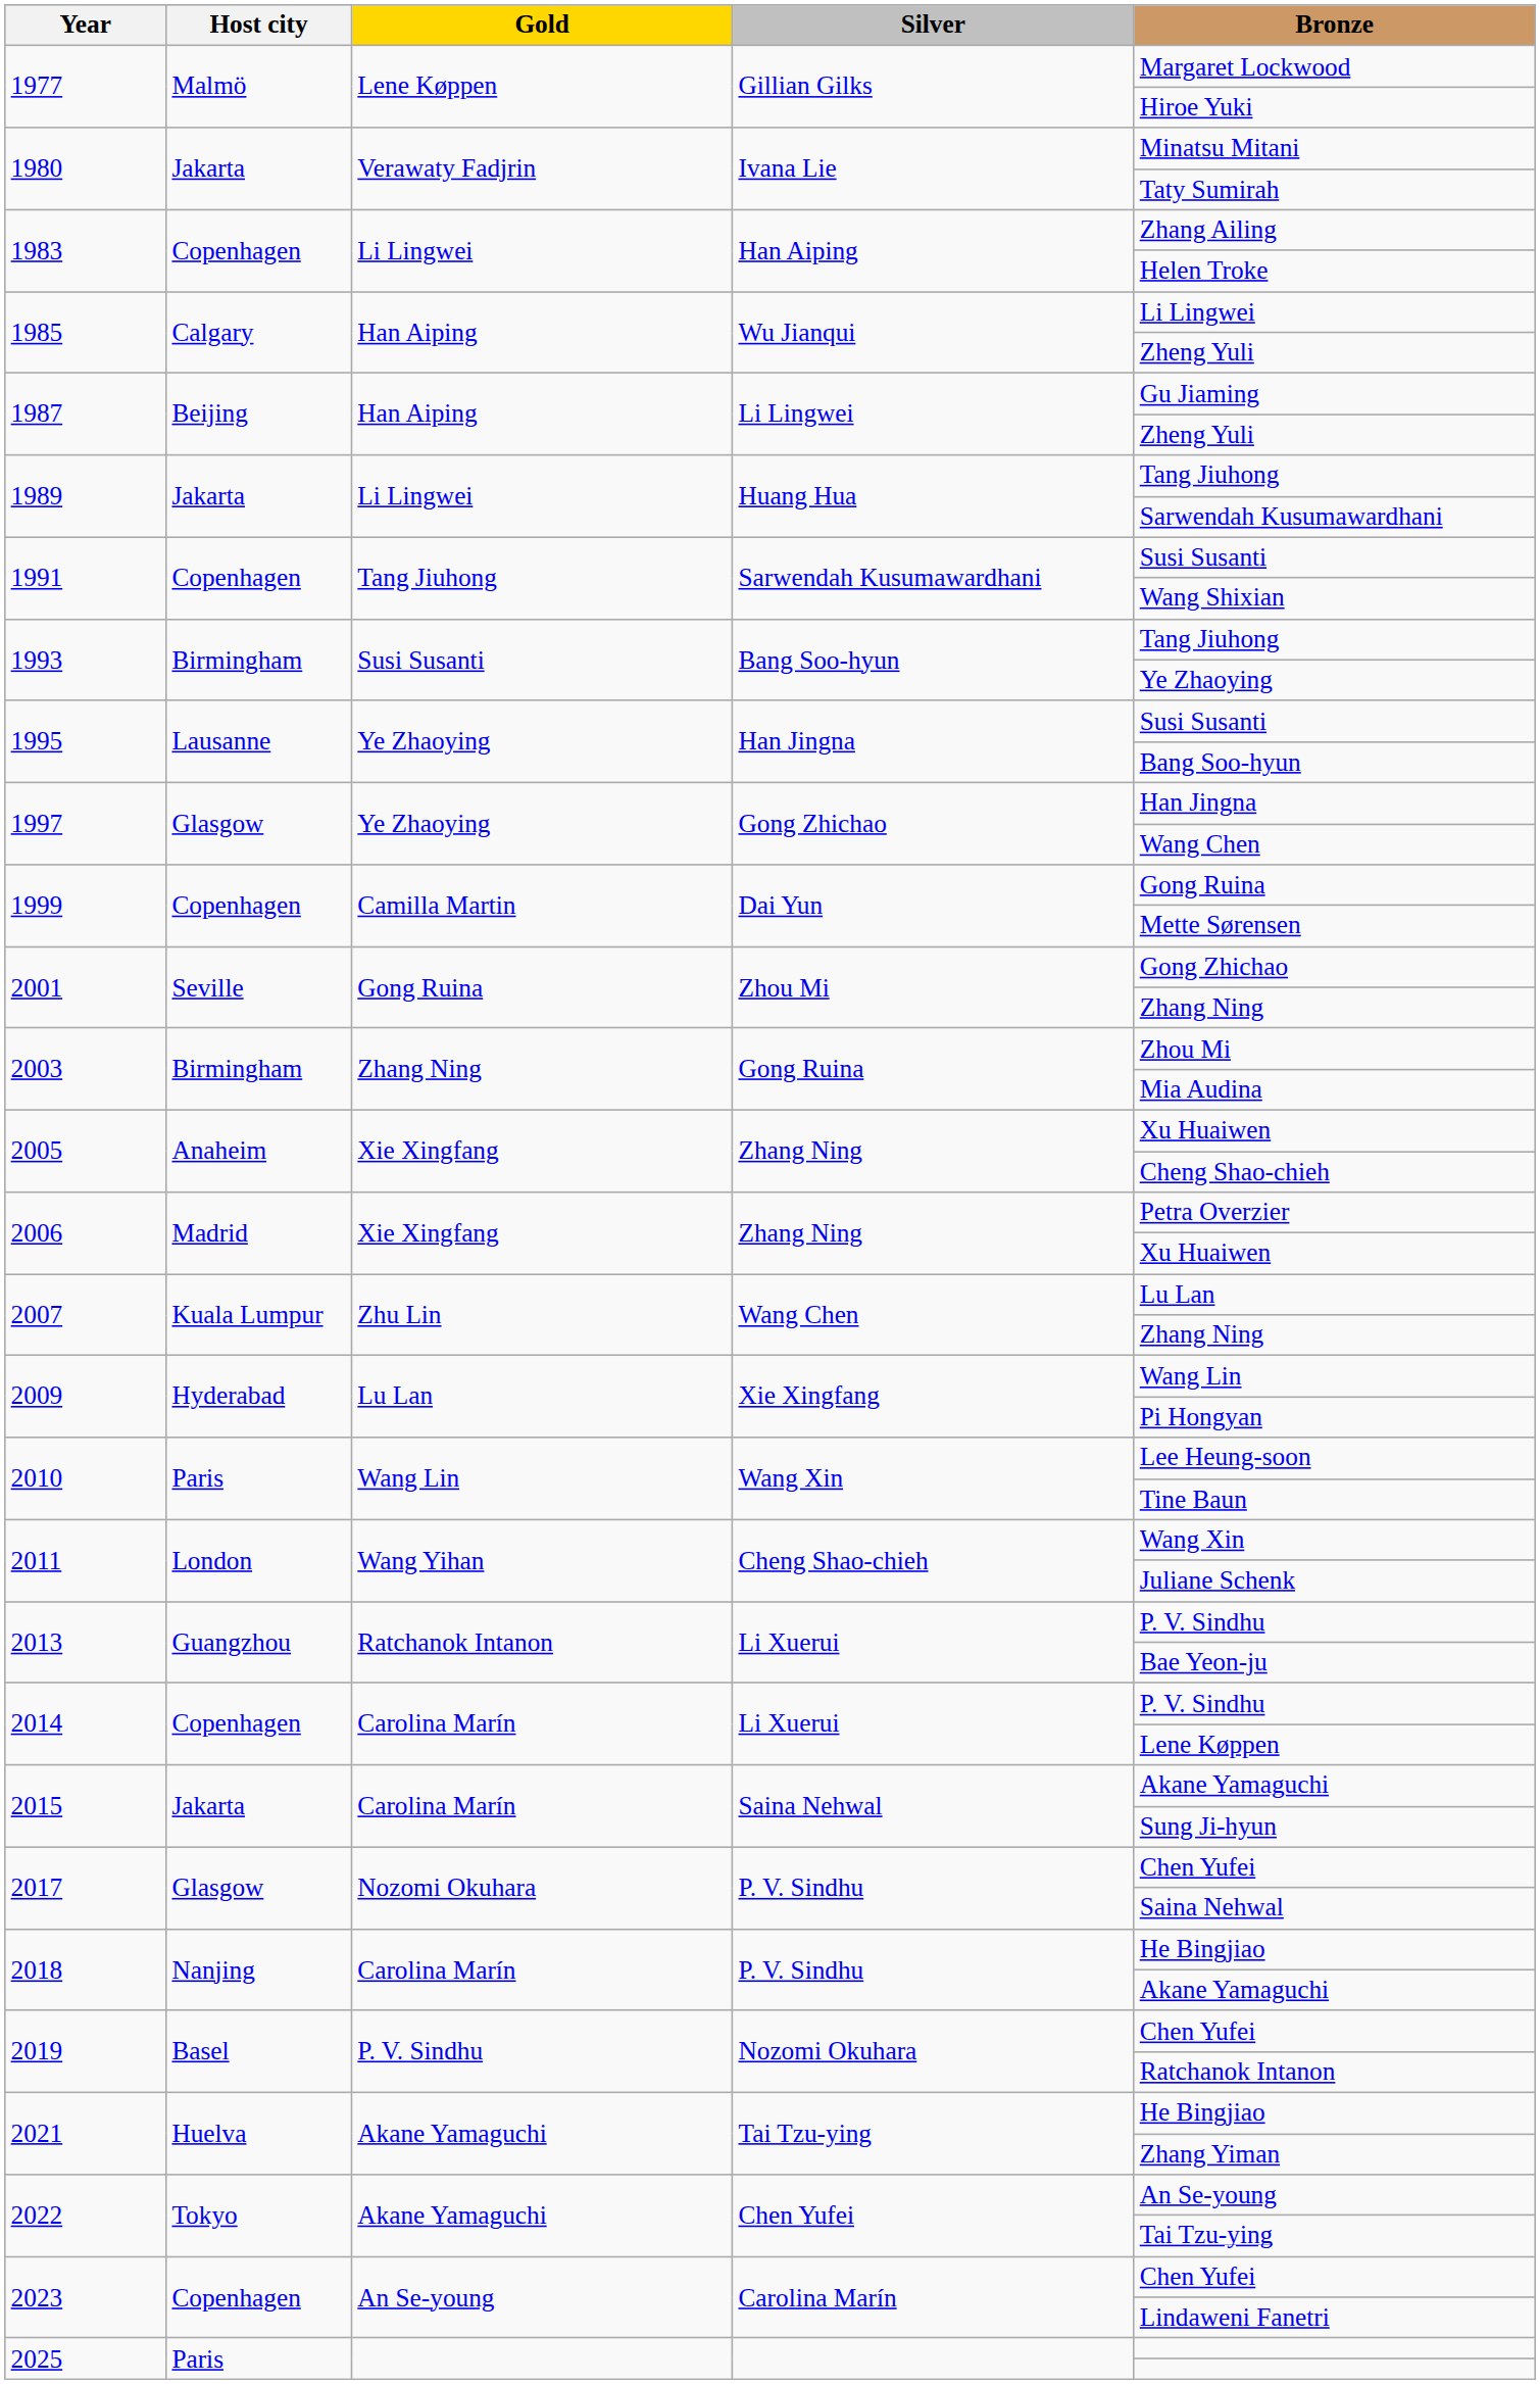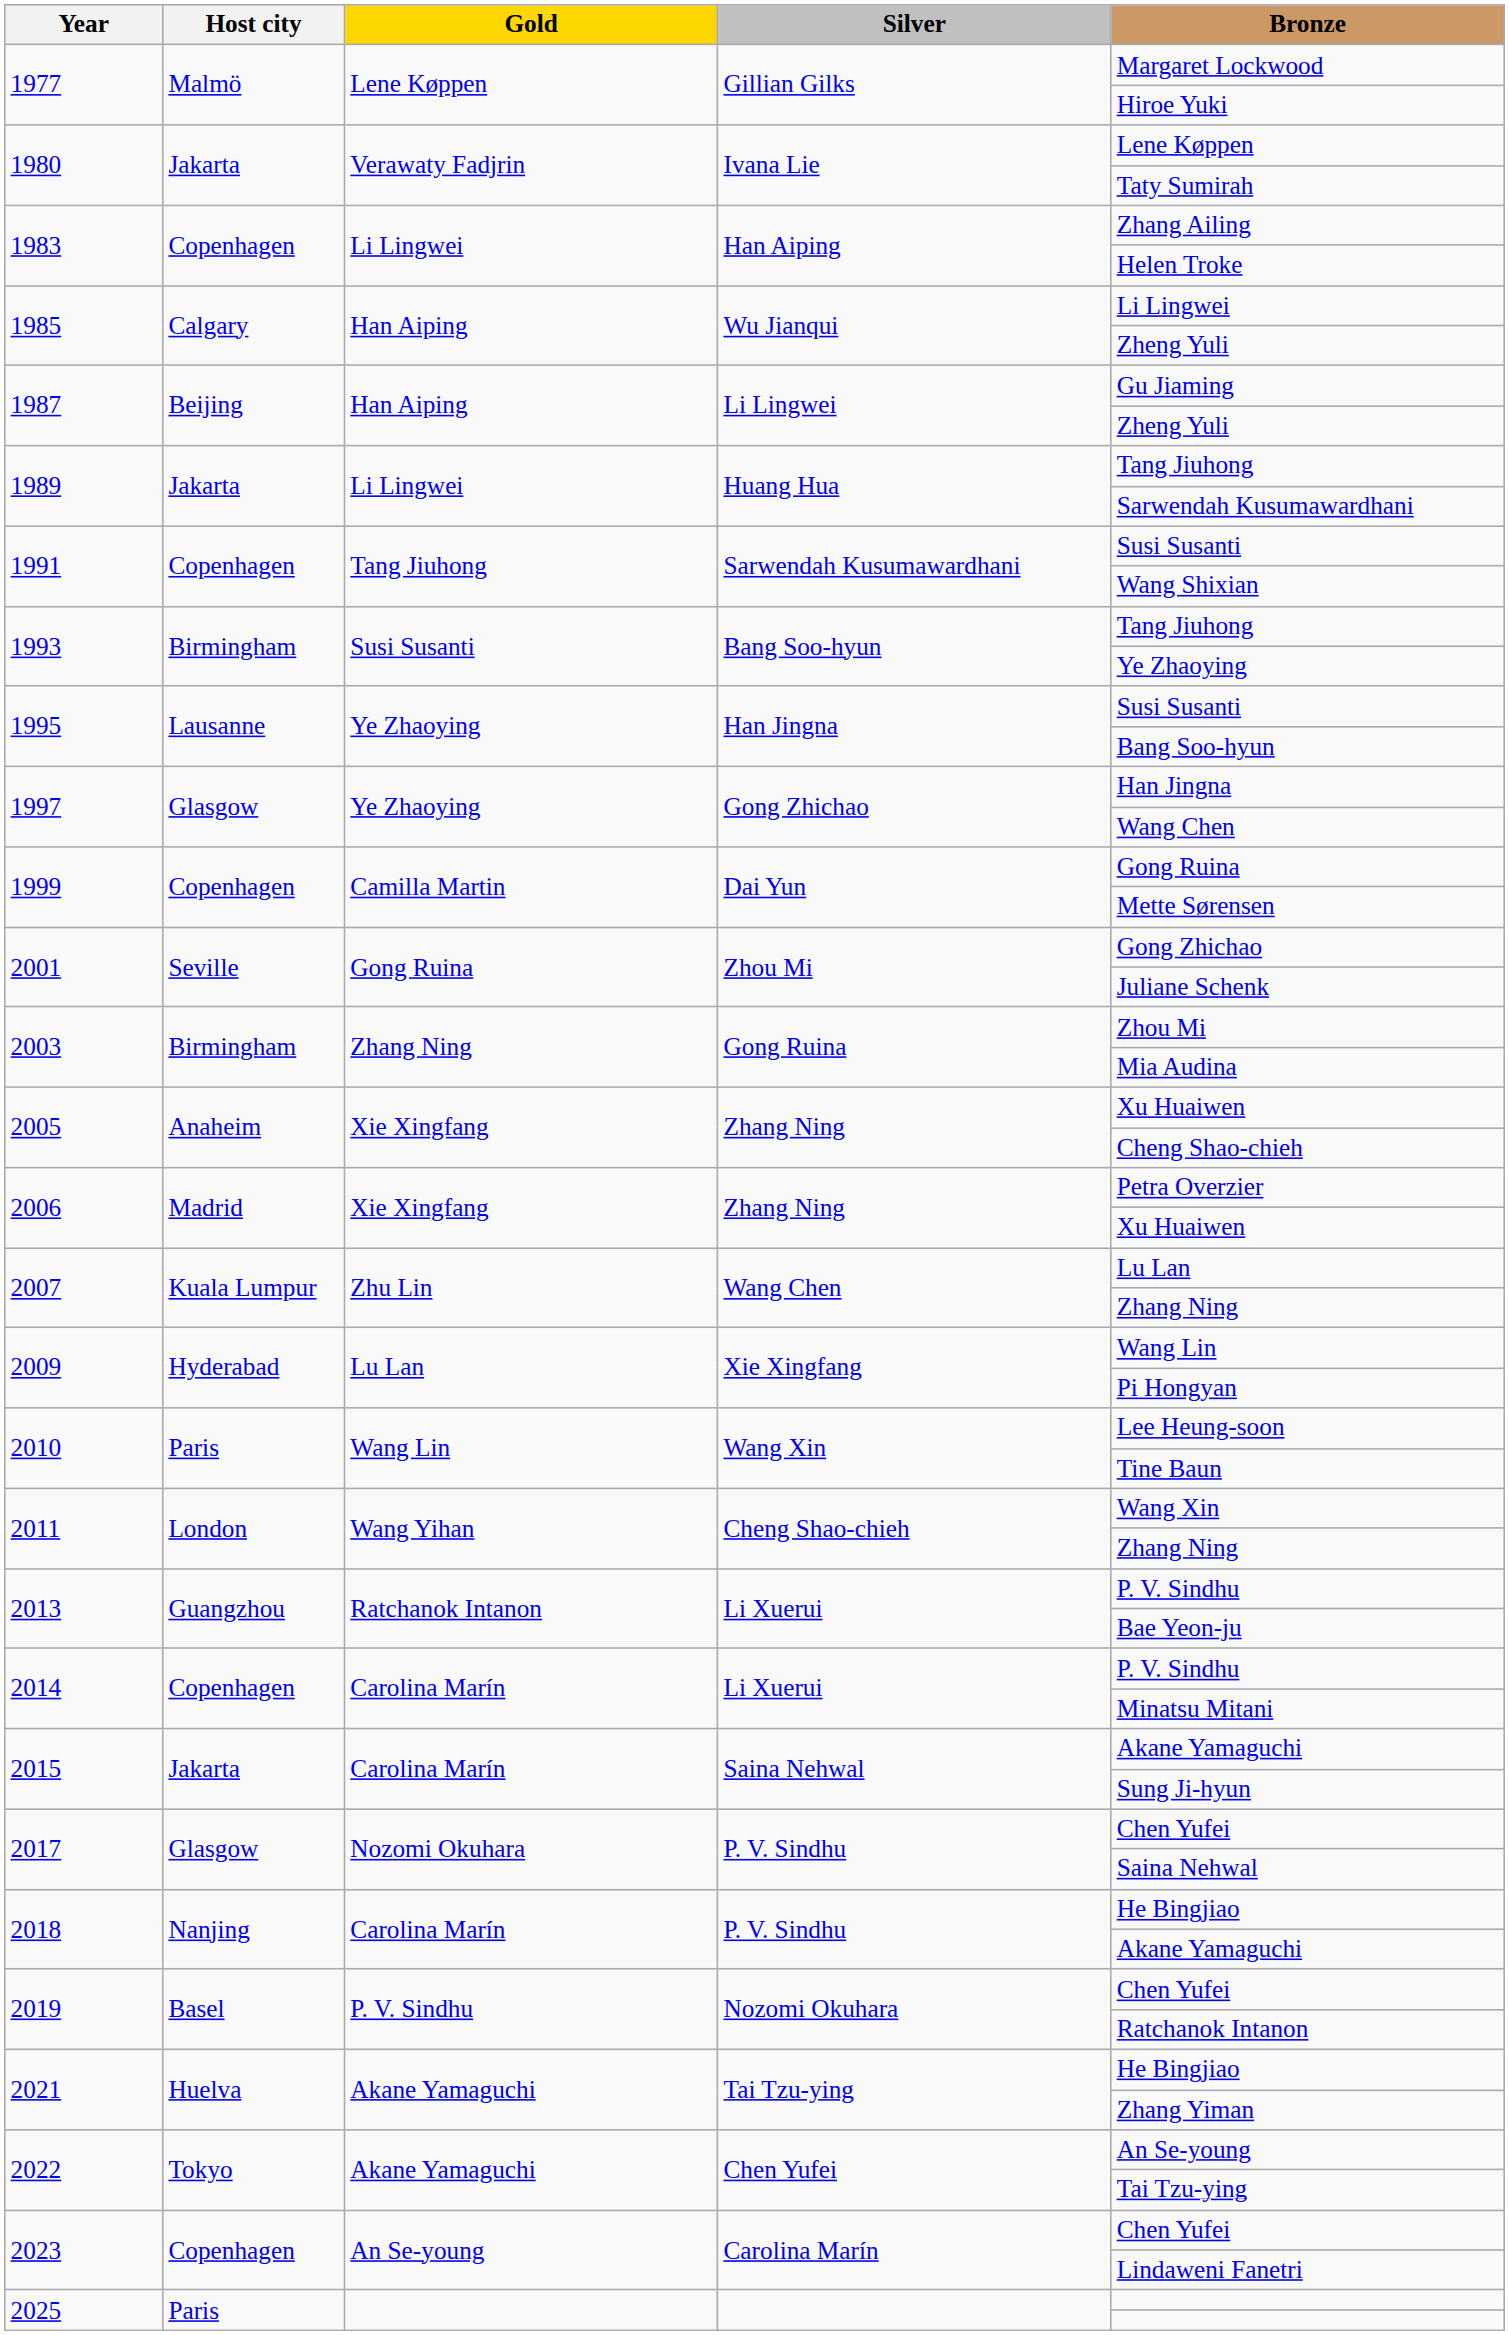 <table class="wikitable" style="text-align: left; width: 950px;">
 <tr>
 <th width="120">Year</th>
 <th width="120">Host city</th>
 <th width="300" style="background-color: gold">Gold</th>
 <th width="300" style="background-color: silver">Silver</th>
 <th width="300" style="background-color: #cc9966">Bronze</th>
 </tr>
 <tr>
 <td rowspan=2><a href='#'>1977</a></td>
 <td rowspan=2><a href='#'>Malmö</a></td>
 <td rowspan=2> <a href='#'>Lene Køppen</a></td>
 <td rowspan=2> <a href='#'>Gillian Gilks</a></td>
 <td> <a href='#'>Margaret Lockwood</a></td>
 </tr>
 <tr>
 <td> <a href='#'>Hiroe Yuki</a></td>
 </tr>
 <tr>
 <td rowspan=2><a href='#'>1980</a></td>
 <td rowspan=2><a href='#'>Jakarta</a></td>
 <td rowspan=2> <a href='#'>Verawaty Fadjrin</a></td>
 <td rowspan=2> <a href='#'>Ivana Lie</a></td>
-<td> <a href='#'>Minatsu Mitani</a></td>
+<td> <a href='#'>Lene Køppen</a></td>
 </tr>
 <tr>
 <td> <a href='#'>Taty Sumirah</a></td>
 </tr>
 <tr>
 <td rowspan=2><a href='#'>1983</a></td>
 <td rowspan=2><a href='#'>Copenhagen</a></td>
 <td rowspan=2> <a href='#'>Li Lingwei</a></td>
 <td rowspan=2> <a href='#'>Han Aiping</a></td>
 <td> <a href='#'>Zhang Ailing</a></td>
 </tr>
 <tr>
 <td> <a href='#'>Helen Troke</a></td>
 </tr>
 <tr>
 <td rowspan=2><a href='#'>1985</a></td>
 <td rowspan=2><a href='#'>Calgary</a></td>
 <td rowspan=2> <a href='#'>Han Aiping</a></td>
 <td rowspan=2> <a href='#'>Wu Jianqui</a></td>
 <td> <a href='#'>Li Lingwei</a></td>
 </tr>
 <tr>
 <td> <a href='#'>Zheng Yuli</a></td>
 </tr>
 <tr>
 <td rowspan=2><a href='#'>1987</a></td>
 <td rowspan=2><a href='#'>Beijing</a></td>
 <td rowspan=2> <a href='#'>Han Aiping</a></td>
 <td rowspan=2> <a href='#'>Li Lingwei</a></td>
 <td> <a href='#'>Gu Jiaming</a></td>
 </tr>
 <tr>
 <td> <a href='#'>Zheng Yuli</a></td>
 </tr>
 <tr>
 <td rowspan=2><a href='#'>1989</a></td>
 <td rowspan=2><a href='#'>Jakarta</a></td>
 <td rowspan=2> <a href='#'>Li Lingwei</a></td>
 <td rowspan=2> <a href='#'>Huang Hua</a></td>
 <td> <a href='#'>Tang Jiuhong</a></td>
 </tr>
 <tr>
 <td> <a href='#'>Sarwendah Kusumawardhani</a></td>
 </tr>
 <tr>
 <td rowspan=2><a href='#'>1991</a></td>
 <td rowspan=2><a href='#'>Copenhagen</a></td>
 <td rowspan=2> <a href='#'>Tang Jiuhong</a></td>
 <td rowspan=2> <a href='#'>Sarwendah Kusumawardhani</a></td>
 <td> <a href='#'>Susi Susanti</a></td>
 </tr>
 <tr>
 <td> <a href='#'>Wang Shixian</a></td>
 </tr>
 <tr>
 <td rowspan=2><a href='#'>1993</a></td>
 <td rowspan=2><a href='#'>Birmingham</a></td>
 <td rowspan=2> <a href='#'>Susi Susanti</a></td>
 <td rowspan=2> <a href='#'>Bang Soo-hyun</a></td>
 <td> <a href='#'>Tang Jiuhong</a></td>
 </tr>
 <tr>
 <td> <a href='#'>Ye Zhaoying</a></td>
 </tr>
 <tr>
 <td rowspan=2><a href='#'>1995</a></td>
 <td rowspan=2><a href='#'>Lausanne</a></td>
 <td rowspan=2> <a href='#'>Ye Zhaoying</a></td>
 <td rowspan=2> <a href='#'>Han Jingna</a></td>
 <td> <a href='#'>Susi Susanti</a></td>
 </tr>
 <tr>
 <td> <a href='#'>Bang Soo-hyun</a></td>
 </tr>
 <tr>
 <td rowspan=2><a href='#'>1997</a></td>
 <td rowspan=2><a href='#'>Glasgow</a></td>
 <td rowspan=2> <a href='#'>Ye Zhaoying</a></td>
 <td rowspan=2> <a href='#'>Gong Zhichao</a></td>
 <td> <a href='#'>Han Jingna</a></td>
 </tr>
 <tr>
 <td> <a href='#'>Wang Chen</a></td>
 </tr>
 <tr>
 <td rowspan=2><a href='#'>1999</a></td>
 <td rowspan=2><a href='#'>Copenhagen</a></td>
 <td rowspan=2> <a href='#'>Camilla Martin</a></td>
 <td rowspan=2> <a href='#'>Dai Yun</a></td>
 <td> <a href='#'>Gong Ruina</a></td>
 </tr>
 <tr>
 <td> <a href='#'>Mette Sørensen</a></td>
 </tr>
 <tr>
 <td rowspan=2><a href='#'>2001</a></td>
 <td rowspan=2><a href='#'>Seville</a></td>
 <td rowspan=2> <a href='#'>Gong Ruina</a></td>
 <td rowspan=2> <a href='#'>Zhou Mi</a></td>
 <td> <a href='#'>Gong Zhichao</a></td>
 </tr>
 <tr>
-<td> <a href='#'>Zhang Ning</a></td>
+<td> <a href='#'>Juliane Schenk</a></td>
 </tr>
 <tr>
 <td rowspan=2><a href='#'>2003</a></td>
 <td rowspan=2><a href='#'>Birmingham</a></td>
 <td rowspan=2> <a href='#'>Zhang Ning</a></td>
 <td rowspan=2> <a href='#'>Gong Ruina</a></td>
 <td> <a href='#'>Zhou Mi</a></td>
 </tr>
 <tr>
 <td> <a href='#'>Mia Audina</a></td>
 </tr>
 <tr>
 <td rowspan=2><a href='#'>2005</a></td>
 <td rowspan=2><a href='#'>Anaheim</a></td>
 <td rowspan=2> <a href='#'>Xie Xingfang</a></td>
 <td rowspan=2> <a href='#'>Zhang Ning</a></td>
 <td> <a href='#'>Xu Huaiwen</a></td>
 </tr>
 <tr>
 <td> <a href='#'>Cheng Shao-chieh</a></td>
 </tr>
 <tr>
 <td rowspan=2><a href='#'>2006</a></td>
 <td rowspan=2><a href='#'>Madrid</a></td>
 <td rowspan=2> <a href='#'>Xie Xingfang</a></td>
 <td rowspan=2> <a href='#'>Zhang Ning</a></td>
 <td> <a href='#'>Petra Overzier</a></td>
 </tr>
 <tr>
 <td> <a href='#'>Xu Huaiwen</a></td>
 </tr>
 <tr>
 <td rowspan=2><a href='#'>2007</a></td>
 <td rowspan=2><a href='#'>Kuala Lumpur</a></td>
 <td rowspan=2> <a href='#'>Zhu Lin</a></td>
 <td rowspan=2> <a href='#'>Wang Chen</a></td>
 <td> <a href='#'>Lu Lan</a></td>
 </tr>
 <tr>
 <td> <a href='#'>Zhang Ning</a></td>
 </tr>
 <tr>
 <td rowspan=2><a href='#'>2009</a></td>
 <td rowspan=2><a href='#'>Hyderabad</a></td>
 <td rowspan=2> <a href='#'>Lu Lan</a></td>
 <td rowspan=2> <a href='#'>Xie Xingfang</a></td>
 <td> <a href='#'>Wang Lin</a></td>
 </tr>
 <tr>
 <td> <a href='#'>Pi Hongyan</a></td>
 </tr>
 <tr>
 <td rowspan=2><a href='#'>2010</a></td>
 <td rowspan=2><a href='#'>Paris</a></td>
 <td rowspan=2> <a href='#'>Wang Lin</a></td>
 <td rowspan=2> <a href='#'>Wang Xin</a></td>
 <td> <a href='#'>Lee Heung-soon</a></td>
 </tr>
 <tr>
 <td> <a href='#'>Tine Baun</a></td>
 </tr>
 <tr>
 <td rowspan=2><a href='#'>2011</a></td>
 <td rowspan=2><a href='#'>London</a></td>
 <td rowspan=2> <a href='#'>Wang Yihan</a></td>
 <td rowspan=2> <a href='#'>Cheng Shao-chieh</a></td>
 <td> <a href='#'>Wang Xin</a></td>
 </tr>
 <tr>
-<td> <a href='#'>Juliane Schenk</a></td>
+<td> <a href='#'>Zhang Ning</a></td>
 </tr>
 <tr>
 <td rowspan=2><a href='#'>2013</a></td>
 <td rowspan=2><a href='#'>Guangzhou</a></td>
 <td rowspan=2> <a href='#'>Ratchanok Intanon</a></td>
 <td rowspan=2> <a href='#'>Li Xuerui</a></td>
 <td> <a href='#'>P. V. Sindhu</a></td>
 </tr>
 <tr>
 <td> <a href='#'>Bae Yeon-ju</a></td>
 </tr>
 <tr>
 <td rowspan=2><a href='#'>2014</a></td>
 <td rowspan=2><a href='#'>Copenhagen</a></td>
 <td rowspan=2> <a href='#'>Carolina Marín</a></td>
 <td rowspan=2> <a href='#'>Li Xuerui</a></td>
 <td> <a href='#'>P. V. Sindhu</a></td>
 </tr>
 <tr>
-<td> <a href='#'>Lene Køppen</a></td>
+<td> <a href='#'>Minatsu Mitani</a></td>
 </tr>
 <tr>
 <td rowspan=2><a href='#'>2015</a></td>
 <td rowspan=2><a href='#'>Jakarta</a></td>
 <td rowspan=2> <a href='#'>Carolina Marín</a></td>
 <td rowspan=2> <a href='#'>Saina Nehwal</a></td>
 <td> <a href='#'>Akane Yamaguchi</a></td>
 </tr>
 <tr>
 <td> <a href='#'>Sung Ji-hyun</a></td>
 </tr>
 <tr>
 <td rowspan=2><a href='#'>2017</a></td>
 <td rowspan=2><a href='#'>Glasgow</a></td>
 <td rowspan=2> <a href='#'>Nozomi Okuhara</a></td>
 <td rowspan=2> <a href='#'>P. V. Sindhu</a></td>
 <td> <a href='#'>Chen Yufei</a></td>
 </tr>
 <tr>
 <td> <a href='#'>Saina Nehwal</a></td>
 </tr>
 <tr>
 <td rowspan=2><a href='#'>2018</a></td>
 <td rowspan=2><a href='#'>Nanjing</a></td>
 <td rowspan=2> <a href='#'>Carolina Marín</a></td>
 <td rowspan=2> <a href='#'>P. V. Sindhu</a></td>
 <td> <a href='#'>He Bingjiao</a></td>
 </tr>
 <tr>
 <td> <a href='#'>Akane Yamaguchi</a></td>
 </tr>
 <tr>
 <td rowspan=2><a href='#'>2019</a></td>
 <td rowspan=2><a href='#'>Basel</a></td>
 <td rowspan=2> <a href='#'>P. V. Sindhu</a></td>
 <td rowspan=2> <a href='#'>Nozomi Okuhara</a></td>
 <td> <a href='#'>Chen Yufei</a></td>
 </tr>
 <tr>
 <td> <a href='#'>Ratchanok Intanon</a></td>
 </tr>
 <tr>
 <td rowspan=2><a href='#'>2021</a></td>
 <td rowspan=2><a href='#'>Huelva</a></td>
 <td rowspan=2> <a href='#'>Akane Yamaguchi</a></td>
 <td rowspan=2> <a href='#'>Tai Tzu-ying</a></td>
 <td> <a href='#'>He Bingjiao</a></td>
 </tr>
 <tr>
 <td> <a href='#'>Zhang Yiman</a></td>
 </tr>
 <tr>
 <td rowspan=2><a href='#'>2022</a></td>
 <td rowspan=2><a href='#'>Tokyo</a></td>
 <td rowspan=2> <a href='#'>Akane Yamaguchi</a></td>
 <td rowspan=2> <a href='#'>Chen Yufei</a></td>
 <td> <a href='#'>An Se-young</a></td>
 </tr>
 <tr>
 <td> <a href='#'>Tai Tzu-ying</a></td>
 </tr>
 <tr>
 <td rowspan=2><a href='#'>2023</a></td>
 <td rowspan=2><a href='#'>Copenhagen</a></td>
 <td rowspan=2> <a href='#'>An Se-young</a></td>
 <td rowspan=2> <a href='#'>Carolina Marín</a></td>
 <td> <a href='#'>Chen Yufei</a></td>
 </tr>
 <tr>
 <td> <a href='#'>Lindaweni Fanetri</a></td>
 </tr>
 <tr>
 <td rowspan=2><a href='#'>2025</a></td>
 <td rowspan=2><a href='#'>Paris</a></td>
 <td rowspan=2></td>
 <td rowspan=2></td>
 <td></td>
 </tr>
 <tr>
 <td></td>
 </tr>
 <tr>
 </tr>
 </table>
